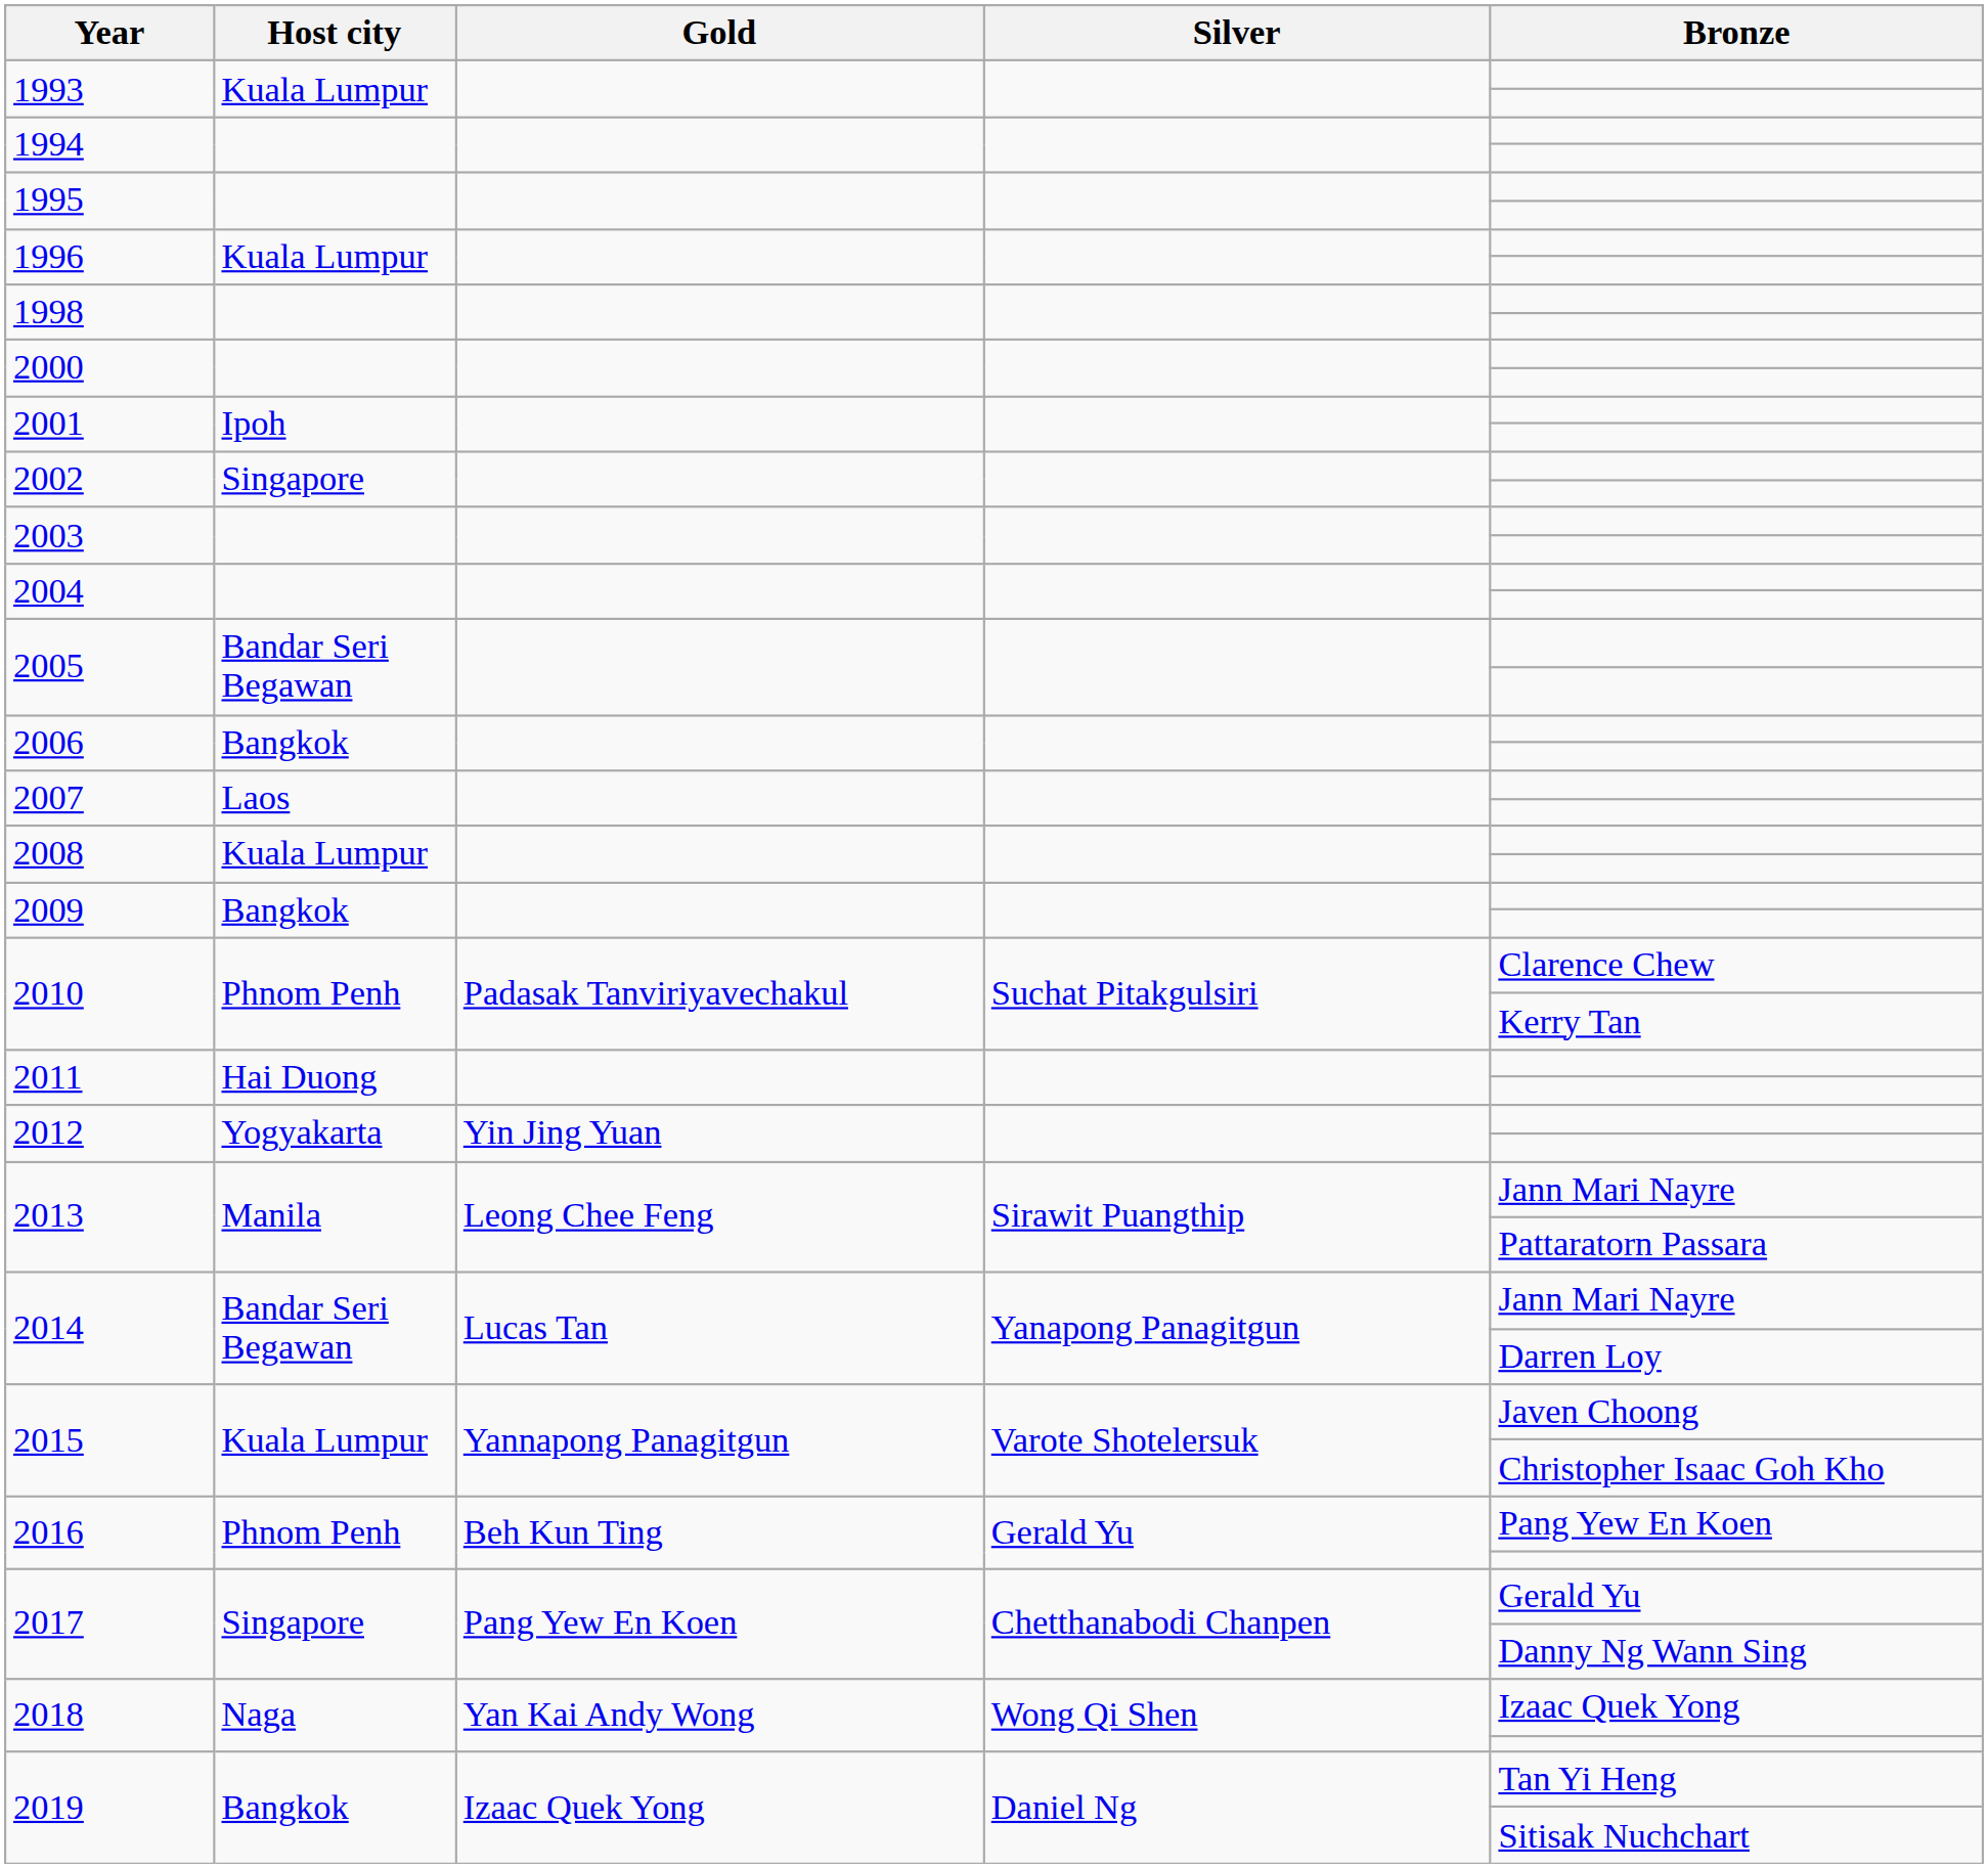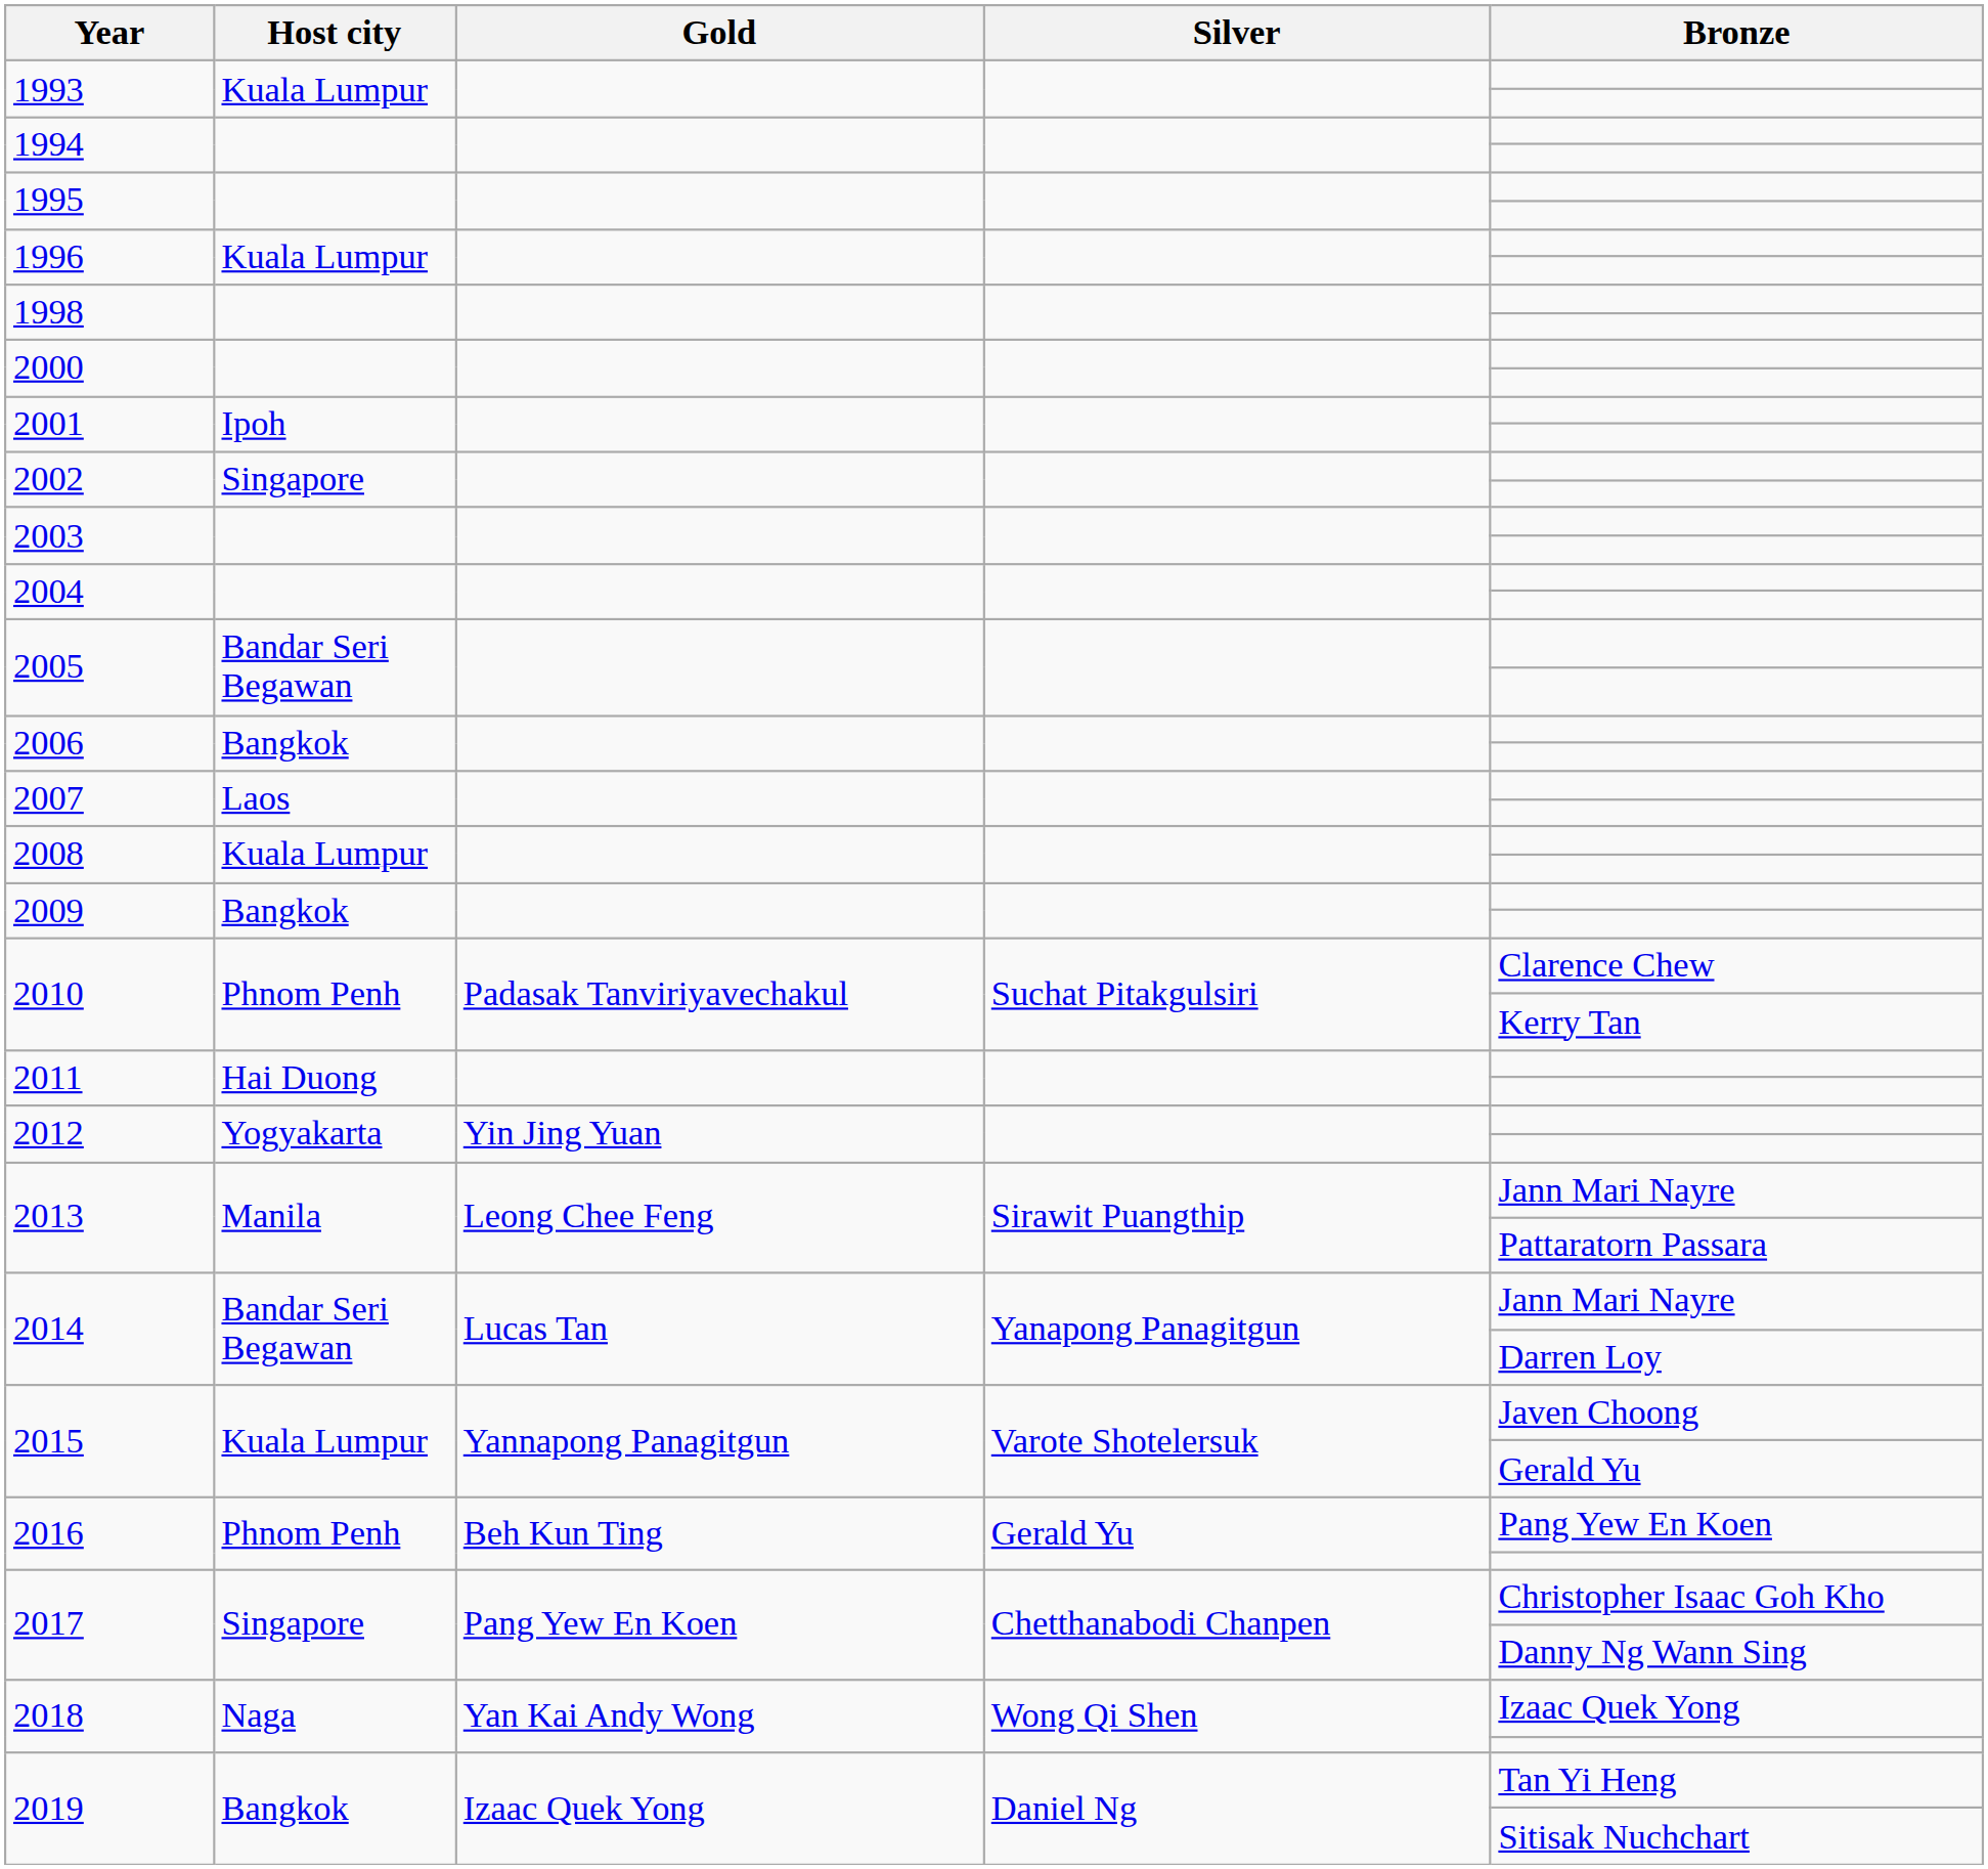 <table class="wikitable sortable" style="width:900px;">
 <tr>
 <th width="120">Year</th>
 <th width="120">Host city</th>
 <th width="300">Gold</th>
 <th width="300">Silver</th>
 <th width="300">Bronze</th>
 </tr>
 <tr>
 <td rowspan=2><a href='#'>1993</a></td>
 <td rowspan=2><a href='#'>Kuala Lumpur</a></td>
 <td rowspan=2></td>
 <td rowspan=2></td>
 <td></td>
 </tr>
 <tr>
 <td></td>
 </tr>
 <tr>
 <td rowspan=2><a href='#'>1994</a></td>
 <td rowspan=2></td>
 <td rowspan=2></td>
 <td rowspan=2></td>
 <td></td>
 </tr>
 <tr>
 <td></td>
 </tr>
 <tr>
 <td rowspan=2><a href='#'>1995</a></td>
 <td rowspan=2></td>
 <td rowspan=2></td>
 <td rowspan=2></td>
 <td></td>
 </tr>
 <tr>
 <td></td>
 </tr>
 <tr>
 <td rowspan=2><a href='#'>1996</a></td>
 <td rowspan=2><a href='#'>Kuala Lumpur</a></td>
 <td rowspan=2></td>
 <td rowspan=2></td>
 <td></td>
 </tr>
 <tr>
 <td></td>
 </tr>
 <tr>
 <td rowspan=2><a href='#'>1998</a></td>
 <td rowspan=2></td>
 <td rowspan=2></td>
 <td rowspan=2></td>
 <td></td>
 </tr>
 <tr>
 <td></td>
 </tr>
 <tr>
 <td rowspan=2><a href='#'>2000</a></td>
 <td rowspan=2></td>
 <td rowspan=2></td>
 <td rowspan=2></td>
 <td></td>
 </tr>
 <tr>
 <td></td>
 </tr>
 <tr>
 <td rowspan=2><a href='#'>2001</a></td>
 <td rowspan=2><a href='#'>Ipoh</a></td>
 <td rowspan=2></td>
 <td rowspan=2></td>
 <td></td>
 </tr>
 <tr>
 <td></td>
 </tr>
 <tr>
 <td rowspan=2><a href='#'>2002</a></td>
 <td rowspan=2><a href='#'>Singapore</a></td>
 <td rowspan=2></td>
 <td rowspan=2></td>
 <td></td>
 </tr>
 <tr>
 <td></td>
 </tr>
 <tr>
 <td rowspan=2><a href='#'>2003</a></td>
 <td rowspan=2></td>
 <td rowspan=2></td>
 <td rowspan=2></td>
 <td></td>
 </tr>
 <tr>
 <td></td>
 </tr>
 <tr>
 <td rowspan=2><a href='#'>2004</a></td>
 <td rowspan=2></td>
 <td rowspan=2></td>
 <td rowspan=2></td>
 <td></td>
 </tr>
 <tr>
 <td></td>
 </tr>
 <tr>
 <td rowspan=2><a href='#'>2005</a></td>
 <td rowspan=2><a href='#'>Bandar Seri Begawan</a></td>
 <td rowspan=2></td>
 <td rowspan=2></td>
 <td></td>
 </tr>
 <tr>
 <td></td>
 </tr>
 <tr>
 <td rowspan=2><a href='#'>2006</a></td>
 <td rowspan=2><a href='#'>Bangkok</a></td>
 <td rowspan=2></td>
 <td rowspan=2></td>
 <td></td>
 </tr>
 <tr>
 <td></td>
 </tr>
 <tr>
 <td rowspan=2><a href='#'>2007</a></td>
 <td rowspan=2><a href='#'>Laos</a></td>
 <td rowspan=2></td>
 <td rowspan=2></td>
 <td></td>
 </tr>
 <tr>
 <td></td>
 </tr>
 <tr>
 <td rowspan=2><a href='#'>2008</a></td>
 <td rowspan=2><a href='#'>Kuala Lumpur</a></td>
 <td rowspan=2></td>
 <td rowspan=2></td>
 <td></td>
 </tr>
 <tr>
 <td></td>
 </tr>
 <tr>
 <td rowspan=2><a href='#'>2009</a></td>
 <td rowspan=2><a href='#'>Bangkok</a></td>
 <td rowspan=2></td>
 <td rowspan=2></td>
 <td></td>
 </tr>
 <tr>
 <td></td>
 </tr>
 <tr>
 <td rowspan=2><a href='#'>2010</a></td>
 <td rowspan=2><a href='#'>Phnom Penh</a></td>
 <td rowspan=2> <a href='#'>Padasak Tanviriyavechakul</a></td>
 <td rowspan=2> <a href='#'>Suchat Pitakgulsiri</a></td>
 <td> <a href='#'>Clarence Chew</a></td>
 </tr>
 <tr>
 <td> <a href='#'>Kerry Tan</a></td>
 </tr>
 <tr>
 <td rowspan=2><a href='#'>2011</a></td>
 <td rowspan=2><a href='#'>Hai Duong</a></td>
 <td rowspan=2></td>
 <td rowspan=2></td>
 <td></td>
 </tr>
 <tr>
 <td></td>
 </tr>
 <tr>
 <td rowspan=2><a href='#'>2012</a></td>
 <td rowspan=2><a href='#'>Yogyakarta</a></td>
 <td rowspan=2> <a href='#'>Yin Jing Yuan</a></td>
 <td rowspan=2></td>
 <td></td>
 </tr>
 <tr>
 <td></td>
 </tr>
 <tr>
 <td rowspan=2><a href='#'>2013</a></td>
 <td rowspan=2><a href='#'>Manila</a></td>
 <td rowspan=2> <a href='#'>Leong Chee Feng</a></td>
 <td rowspan=2> <a href='#'>Sirawit Puangthip</a></td>
 <td> <a href='#'>Jann Mari Nayre</a></td>
 </tr>
 <tr>
 <td> <a href='#'>Pattaratorn Passara</a></td>
 </tr>
 <tr>
 <td rowspan=2><a href='#'>2014</a></td>
 <td rowspan=2><a href='#'>Bandar Seri Begawan</a></td>
 <td rowspan=2> <a href='#'>Lucas Tan</a></td>
 <td rowspan=2> <a href='#'>Yanapong Panagitgun</a></td>
 <td> <a href='#'>Jann Mari Nayre</a></td>
 </tr>
 <tr>
 <td> <a href='#'>Darren Loy</a></td>
 </tr>
 <tr>
 <td rowspan=2><a href='#'>2015</a></td>
 <td rowspan=2><a href='#'>Kuala Lumpur</a></td>
 <td rowspan=2> <a href='#'>Yannapong Panagitgun</a></td>
 <td rowspan=2> <a href='#'>Varote Shotelersuk</a></td>
 <td> <a href='#'>Javen Choong</a></td>
 </tr>
 <tr>
-<td> <a href='#'>Christopher Isaac Goh Kho</a></td>
+<td> <a href='#'>Gerald Yu</a></td>
 </tr>
 <tr>
 <td rowspan=2><a href='#'>2016</a></td>
 <td rowspan=2><a href='#'>Phnom Penh</a></td>
 <td rowspan=2> <a href='#'>Beh Kun Ting</a></td>
 <td rowspan=2> <a href='#'>Gerald Yu</a></td>
 <td> <a href='#'>Pang Yew En Koen</a></td>
 </tr>
 <tr>
 <td></td>
 </tr>
 <tr>
 <td rowspan=2><a href='#'>2017</a></td>
 <td rowspan=2><a href='#'>Singapore</a></td>
 <td rowspan=2> <a href='#'>Pang Yew En Koen</a></td>
 <td rowspan=2> <a href='#'>Chetthanabodi Chanpen</a></td>
-<td> <a href='#'>Gerald Yu</a></td>
+<td> <a href='#'>Christopher Isaac Goh Kho</a></td>
 </tr>
 <tr>
 <td> <a href='#'>Danny Ng Wann Sing</a></td>
 </tr>
 <tr>
 <td rowspan=2><a href='#'>2018</a></td>
 <td rowspan=2><a href='#'>Naga</a></td>
 <td rowspan=2> <a href='#'>Yan Kai Andy Wong</a></td>
 <td rowspan=2> <a href='#'>Wong Qi Shen</a></td>
 <td> <a href='#'>Izaac Quek Yong</a></td>
 </tr>
 <tr>
 <td></td>
 </tr>
 <tr>
 <td rowspan=2><a href='#'>2019</a></td>
 <td rowspan=2><a href='#'>Bangkok</a></td>
 <td rowspan=2> <a href='#'>Izaac Quek Yong</a></td>
 <td rowspan=2> <a href='#'>Daniel Ng</a></td>
 <td> <a href='#'>Tan Yi Heng</a></td>
 </tr>
 <tr>
 <td> <a href='#'>Sitisak Nuchchart</a></td>
 </tr>
 </table>
